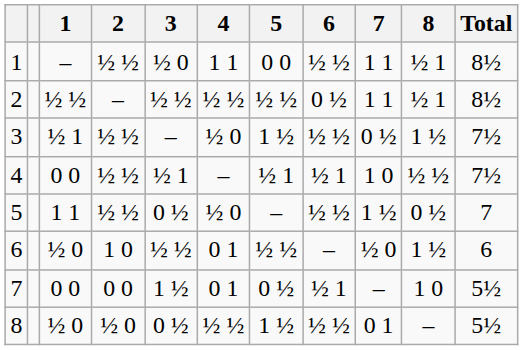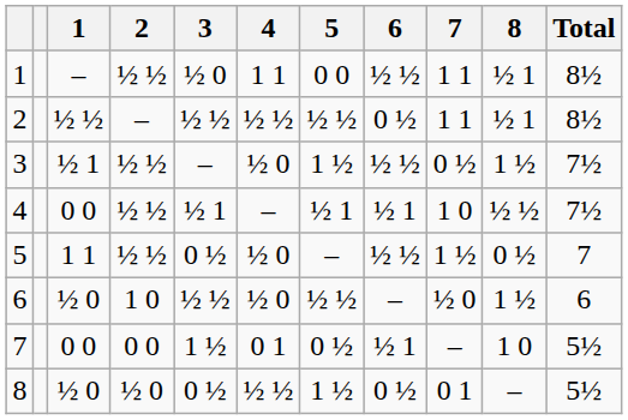 <table class="wikitable" style="margin-left:4em;">
 <tr>
 <th></th>
 <th></th>
 <th>1</th>
 <th>2</th>
 <th>3</th>
 <th>4</th>
 <th>5</th>
 <th>6</th>
 <th>7</th>
 <th>8</th>
 <th>Total</th>
 </tr>
 <tr align=center>
 <td>1</td>
 <td align=left></td>
 <td>–</td>
 <td>½ ½</td>
 <td>½ 0</td>
 <td>1 1</td>
 <td>0 0</td>
 <td>½ ½</td>
 <td>1 1</td>
 <td>½ 1</td>
 <td>8½</td>
 </tr>
 <tr align=center>
 <td>2</td>
 <td align=left></td>
 <td>½ ½</td>
 <td>–</td>
 <td>½ ½</td>
 <td>½ ½</td>
 <td>½ ½</td>
 <td>0 ½</td>
 <td>1 1</td>
 <td>½ 1</td>
 <td>8½</td>
 </tr>
 <tr align=center>
 <td>3</td>
 <td align=left></td>
 <td>½ 1</td>
 <td>½ ½</td>
 <td>–</td>
 <td>½ 0</td>
 <td>1 ½</td>
 <td>½ ½</td>
 <td>0 ½</td>
 <td>1 ½</td>
 <td>7½</td>
 </tr>
 <tr align=center>
 <td>4</td>
 <td align=left></td>
 <td>0 0</td>
 <td>½ ½</td>
 <td>½ 1</td>
 <td>–</td>
 <td>½ 1</td>
 <td>½ 1</td>
 <td>1 0</td>
 <td>½ ½</td>
 <td>7½</td>
 </tr>
 <tr align=center>
 <td>5</td>
 <td align=left></td>
 <td>1 1</td>
 <td>½ ½</td>
 <td>0 ½</td>
 <td>½ 0</td>
 <td>–</td>
 <td>½ ½</td>
 <td>1 ½</td>
 <td>0 ½</td>
 <td>7</td>
 </tr>
 <tr align=center>
 <td>6</td>
 <td align=left></td>
 <td>½ 0</td>
 <td>1 0</td>
 <td>½ ½</td>
-<td>0 1</td>
+<td>½ 0</td>
 <td>½ ½</td>
 <td>–</td>
 <td>½ 0</td>
 <td>1 ½</td>
 <td>6</td>
 </tr>
 <tr align=center>
 <td>7</td>
 <td align=left></td>
 <td>0 0</td>
 <td>0 0</td>
 <td>1 ½</td>
 <td>0 1</td>
 <td>0 ½</td>
 <td>½ 1</td>
 <td>–</td>
 <td>1 0</td>
 <td>5½</td>
 </tr>
 <tr align=center>
 <td>8</td>
 <td align=left></td>
 <td>½ 0</td>
 <td>½ 0</td>
 <td>0 ½</td>
 <td>½ ½</td>
 <td>1 ½</td>
-<td>½ ½</td>
+<td>0 ½</td>
 <td>0 1</td>
 <td>–</td>
 <td>5½</td>
 </tr>
 </table>
